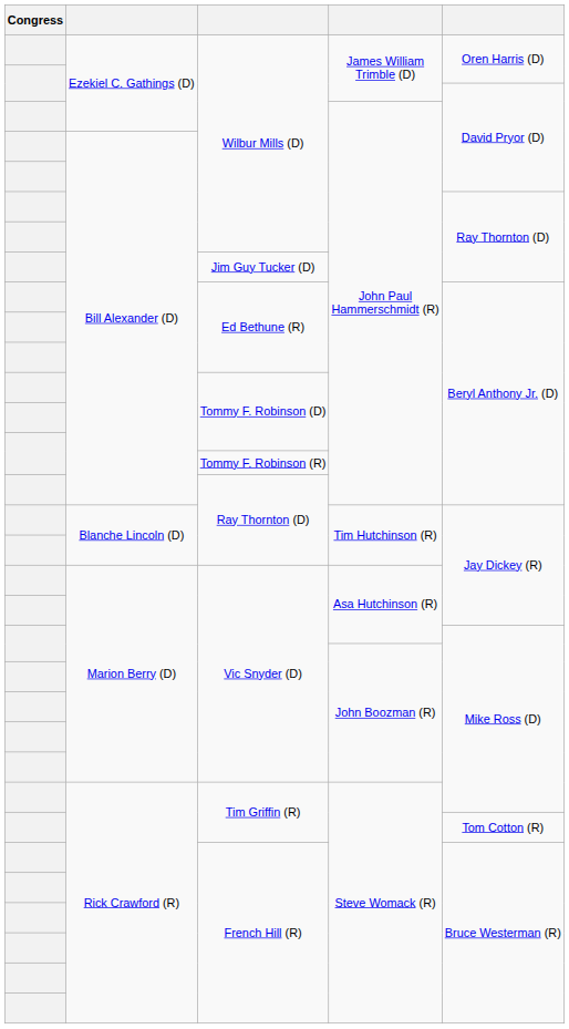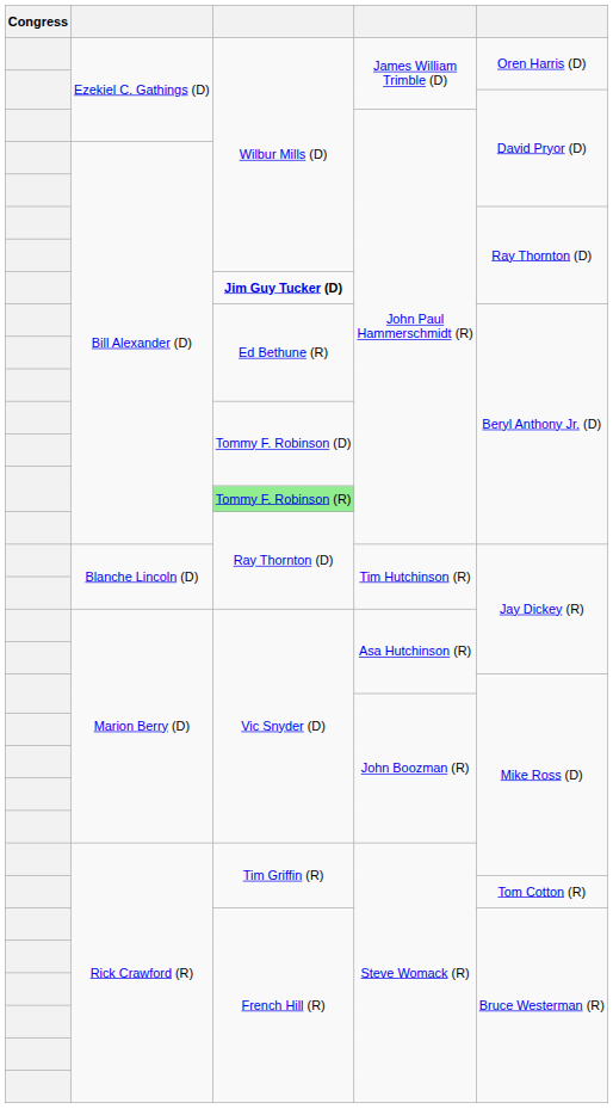 <table class="wikitable sticky-header" style="text-align:center">
 <tr style="height:2.5em">
 <th scope="col">Congress</th>
 <th scope="col"></th>
 <th scope="col"></th>
 <th scope="col"></th>
 <th scope="col"></th>
 </tr>
 <tr style="height:2.5em">
 <th scope="row"> </th>
 <td rowspan=4 ><a href='#'>Ezekiel C. Gathings</a> (D)</td>
 <td rowspan=8 ><a href='#'>Wilbur Mills</a> (D)</td>
 <td rowspan=3 ><a href='#'>James William<br>Trimble</a> (D)</td>
 <td rowspan=2 ><a href='#'>Oren Harris</a> (D)</td>
 </tr>
 <tr style="height:1.5em">
 <th scope="row" rowspan=2> </th>
 </tr>
 <tr style="height:1.5em">
 <td rowspan=4 ><a href='#'>David Pryor</a> (D)</td>
 </tr>
 <tr style="height:2.5em">
 <th scope="row"> </th>
 <td rowspan=14 ><a href='#'>John Paul<br>Hammerschmidt</a> (R)</td>
 </tr>
 <tr style="height:2.5em">
 <th scope="row"> </th>
 <td rowspan=13 ><a href='#'>Bill Alexander</a> (D)</td>
 </tr>
 <tr style="height:2.5em">
 <th scope="row"> </th>
 </tr>
 <tr style="height:2.5em">
 <th scope="row"> </th>
 <td rowspan=3 ><a href='#'>Ray Thornton</a> (D)</td>
 </tr>
 <tr style="height:2.5em">
 <th scope="row"> </th>
 </tr>
 <tr style="height:2.5em">
 <th scope="row"> </th>
-<td><a href='#'>Jim Guy Tucker</a> (D)</td>
+<td><strong><a href='#'>Jim Guy Tucker</a> (D)</strong></td>
 </tr>
 <tr style="height:2.5em">
 <th scope="row"> </th>
 <td rowspan=3 ><a href='#'>Ed Bethune</a> (R)</td>
 <td rowspan=8 ><a href='#'>Beryl Anthony Jr.</a> (D)</td>
 </tr>
 <tr style="height:2.5em">
 <th scope="row"> </th>
 </tr>
 <tr style="height:2.5em">
 <th scope="row"> </th>
 </tr>
 <tr style="height:2.5em">
 <th scope="row"> </th>
 <td rowspan=3 ><a href='#'>Tommy F. Robinson</a> (D)</td>
 </tr>
 <tr style="height:2.5em">
 <th scope="row"> </th>
 </tr>
 <tr style="height:1.5em">
 <th scope="row" rowspan=2> </th>
 </tr>
 <tr style="height:2em">
-<td><a href='#'>Tommy F. Robinson</a> (R)</td>
+<td style="background: lightgreen;"><a href='#'>Tommy F. Robinson</a> (R)</td>
 </tr>
 <tr style="height:2.5em">
 <th scope="row"> </th>
 <td rowspan=3 ><a href='#'>Ray Thornton</a> (D)</td>
 </tr>
 <tr style="height:2.5em">
 <th scope="row"> </th>
 <td rowspan=2 ><a href='#'>Blanche Lincoln</a> (D)</td>
 <td rowspan=2 ><a href='#'>Tim Hutchinson</a> (R)</td>
 <td rowspan=4 ><a href='#'>Jay Dickey</a> (R)</td>
 </tr>
 <tr style="height:2.5em">
 <th scope="row"> </th>
 </tr>
 <tr style="height:2.5em">
 <th scope="row"> </th>
 <td rowspan=8 ><a href='#'>Marion Berry</a> (D)</td>
 <td rowspan=8 ><a href='#'>Vic Snyder</a> (D)</td>
 <td rowspan=3 ><a href='#'>Asa Hutchinson</a> (R)</td>
 </tr>
 <tr style="height:2.5em">
 <th scope="row"> </th>
 </tr>
 <tr style="height:1.5em">
 <th scope="row" rowspan=2> </th>
 <td rowspan=7 ><a href='#'>Mike Ross</a> (D)</td>
 </tr>
 <tr style="height:1.5em">
 <td rowspan=5 ><a href='#'>John Boozman</a> (R)</td>
 </tr>
 <tr style="height:2.5em">
 <th scope="row"> </th>
 </tr>
 <tr style="height:2.5em">
 <th scope="row"> </th>
 </tr>
 <tr style="height:2.5em">
 <th scope="row"> </th>
 </tr>
 <tr style="height:2.5em">
 <th scope="row"> </th>
 </tr>
 <tr style="height:2.5em">
 <th scope="row"> </th>
 <td rowspan=8 ><a href='#'>Rick Crawford</a> (R)</td>
 <td rowspan=2 ><a href='#'>Tim Griffin</a> (R)</td>
 <td rowspan=8 ><a href='#'>Steve Womack</a> (R)</td>
 </tr>
 <tr style="height:2.5em">
 <th scope="row"> </th>
 <td><a href='#'>Tom Cotton</a> (R)</td>
 </tr>
 <tr style="height:2.5em">
 <th scope="row"> </th>
 <td rowspan=6 ><a href='#'>French Hill</a> (R)</td>
 <td rowspan=6 ><a href='#'>Bruce Westerman</a> (R)</td>
 </tr>
 <tr style="height:2.5em">
 <th scope="row"> </th>
 </tr>
 <tr style="height:2.5em">
 <th scope="row"> </th>
 </tr>
 <tr style="height:2.5em">
 <th scope="row"> </th>
 </tr>
 <tr style="height:2.5em">
 <th scope="row"> </th>
 </tr>
 <tr style="height:2.5em">
 <th scope="row"> </th>
 </tr>
 </table>
